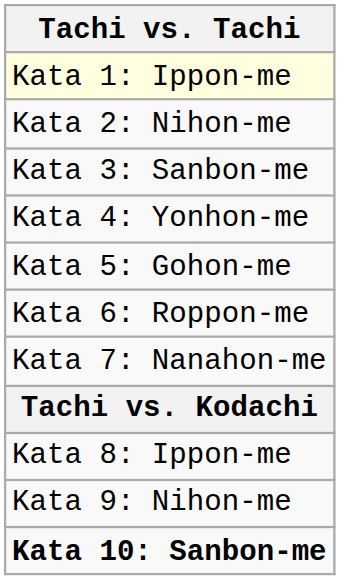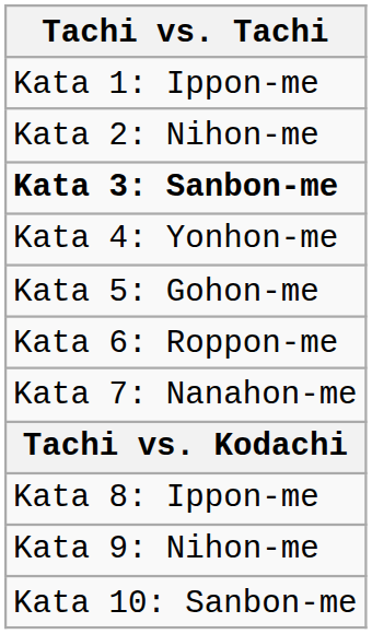 <table class="wikitable">
 <tr>
 <th>Tachi vs. Tachi</th>
 </tr>
 <tr>
-<td style="background: lightyellow;">Kata 1: Ippon-me</td>
+<td>Kata 1: Ippon-me</td>
 </tr>
 <tr>
 <td>Kata 2: Nihon-me</td>
 </tr>
 <tr>
-<td>Kata 3: Sanbon-me</td>
+<td><strong>Kata 3: Sanbon-me</strong></td>
 </tr>
 <tr>
 <td>Kata 4: Yonhon-me</td>
 </tr>
 <tr>
 <td>Kata 5: Gohon-me</td>
 </tr>
 <tr>
 <td>Kata 6: Roppon-me</td>
 </tr>
 <tr>
 <td>Kata 7: Nanahon-me</td>
 </tr>
 <tr>
 <th>Tachi vs. Kodachi</th>
 </tr>
 <tr>
 <td>Kata 8: Ippon-me</td>
 </tr>
 <tr>
 <td>Kata 9: Nihon-me</td>
 </tr>
 <tr>
-<td><strong>Kata 10: Sanbon-me</strong></td>
+<td>Kata 10: Sanbon-me</td>
 </tr>
 </table>
